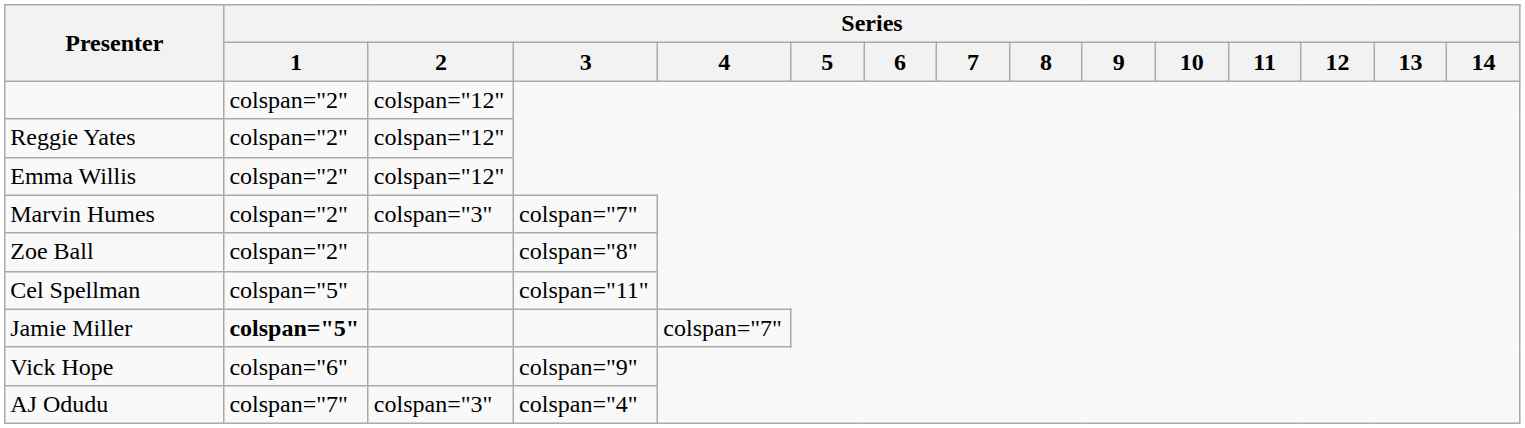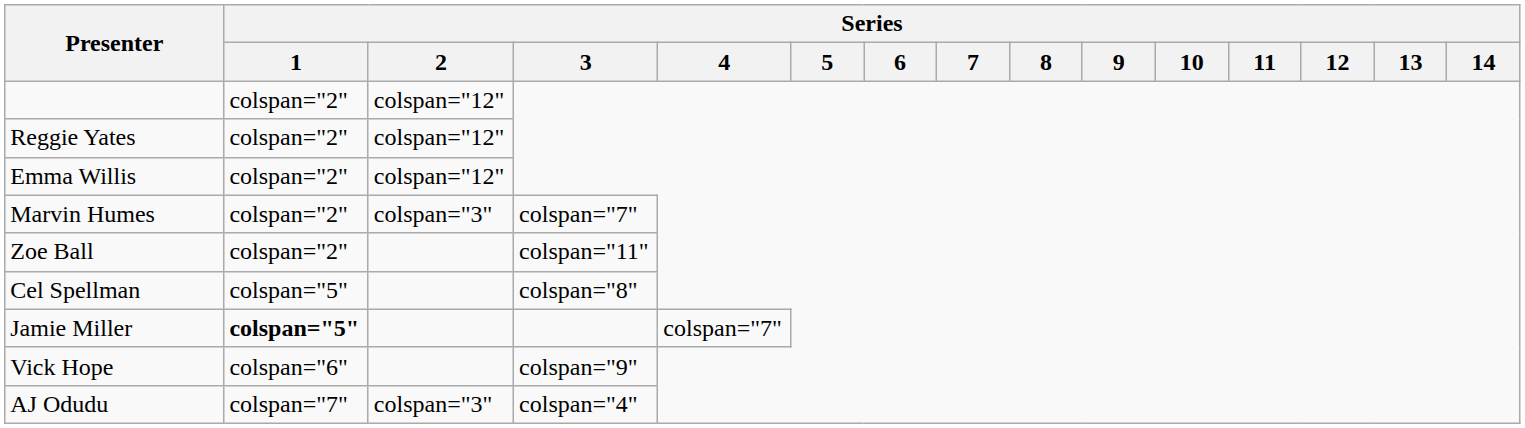 <table class="wikitable" style="width:80%">
 <tr>
 <th rowspan="2" style="width:135px">Presenter</th>
 <th colspan="14">Series</th>
 </tr>
 <tr>
 <th style="width:40px">1</th>
 <th style="width:40px">2</th>
 <th style="width:40px">3</th>
 <th style="width:40px">4</th>
 <th style="width:40px">5</th>
 <th style="width:40px">6</th>
 <th style="width:40px">7</th>
 <th style="width:40px">8</th>
 <th style="width:40px">9</th>
 <th style="width:40px">10</th>
 <th style="width:40px">11</th>
 <th style="width:40px">12</th>
 <th style="width:40px">13</th>
 <th style="width:40px">14</th>
 </tr>
 <tr>
 <td></td>
 <td>colspan="2" </td>
 <td>colspan="12" </td>
 </tr>
 <tr>
 <td>Reggie Yates</td>
 <td>colspan="2" </td>
 <td>colspan="12" </td>
 </tr>
 <tr>
 <td>Emma Willis</td>
 <td>colspan="2" </td>
 <td>colspan="12" </td>
 </tr>
 <tr>
 <td>Marvin Humes</td>
 <td>colspan="2" </td>
 <td>colspan="3" </td>
 <td>colspan="7" </td>
 </tr>
 <tr>
 <td>Zoe Ball</td>
 <td>colspan="2" </td>
 <td></td>
-<td>colspan="8" </td>
+<td>colspan="11"</td>
 </tr>
 <tr>
 <td>Cel Spellman</td>
 <td>colspan="5" </td>
 <td></td>
-<td>colspan="11"</td>
+<td>colspan="8" </td>
 </tr>
 <tr>
 <td>Jamie Miller</td>
 <td><strong>colspan="5" </strong></td>
 <td></td>
 <td></td>
 <td>colspan="7" </td>
 </tr>
 <tr>
 <td>Vick Hope</td>
 <td>colspan="6" </td>
 <td></td>
 <td>colspan="9" </td>
 </tr>
 <tr>
 <td>AJ Odudu</td>
 <td>colspan="7" </td>
 <td>colspan="3" </td>
 <td>colspan="4" </td>
 </tr>
 </table>
